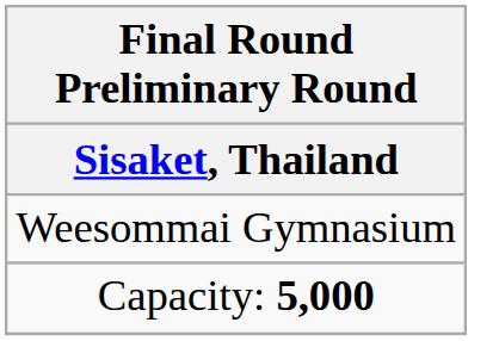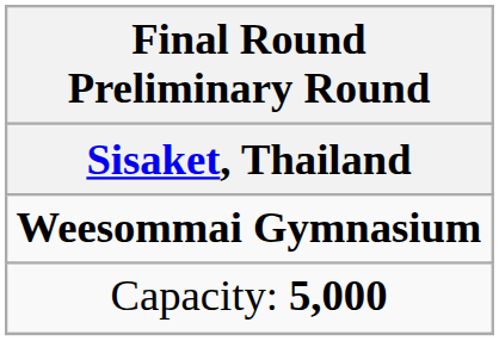 <table class=wikitable style=text-align:center>
 <tr>
 <th>Final Round <br>Preliminary Round</th>
 </tr>
 <tr>
 <th><a href='#'>Sisaket</a>, Thailand</th>
 </tr>
 <tr>
-<td>Weesommai Gymnasium</td>
+<td><strong>Weesommai Gymnasium</strong></td>
 </tr>
 <tr>
 <td>Capacity: <strong>5,000</strong></td>
 </tr>
 <tr>
 </tr>
 </table>
